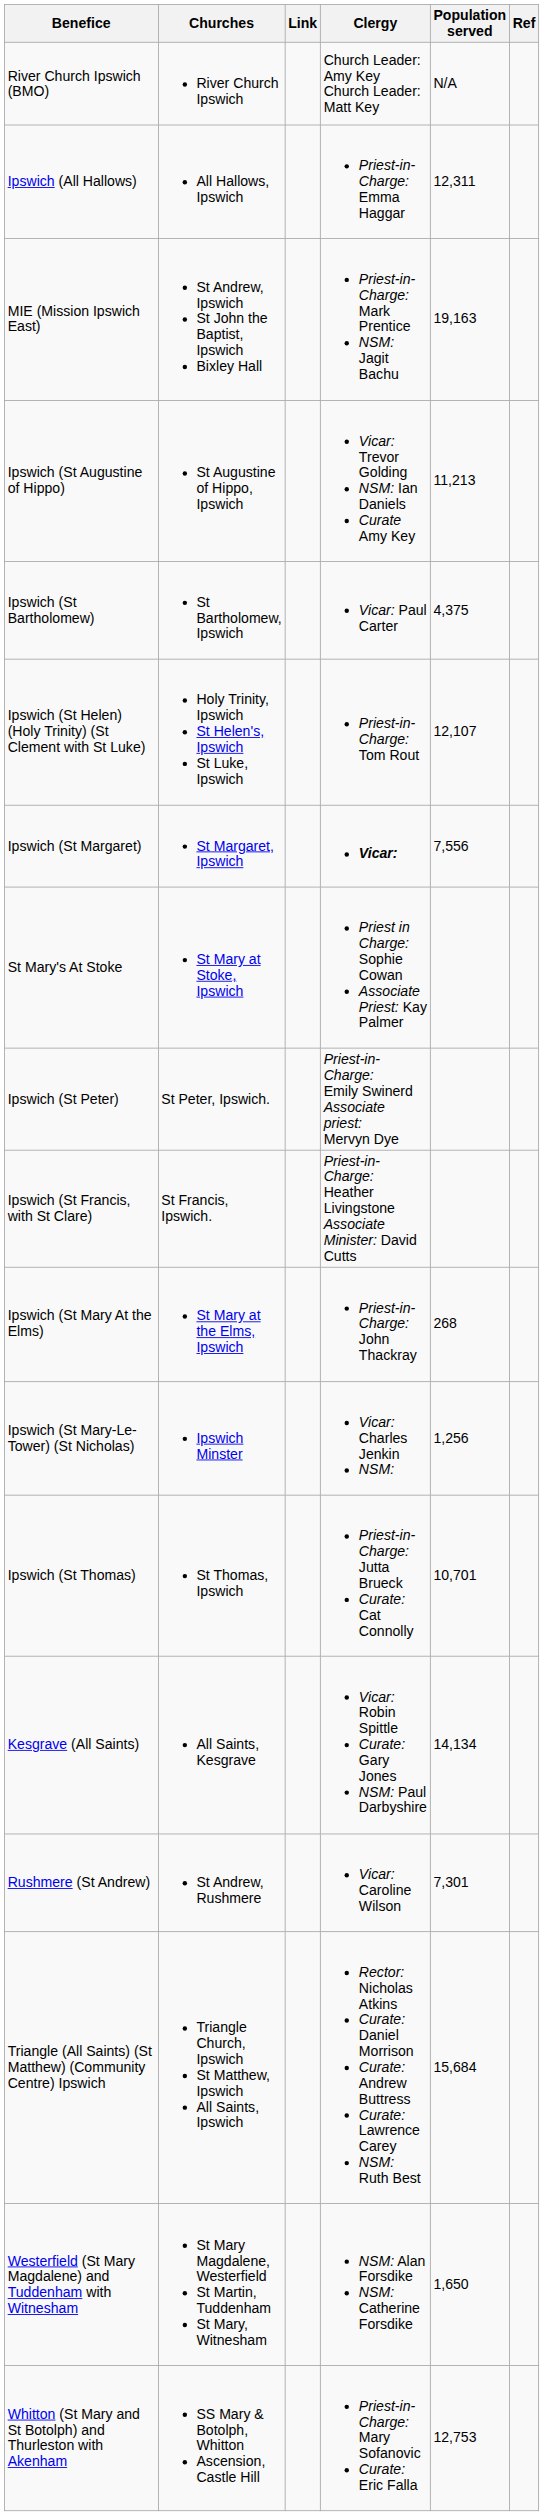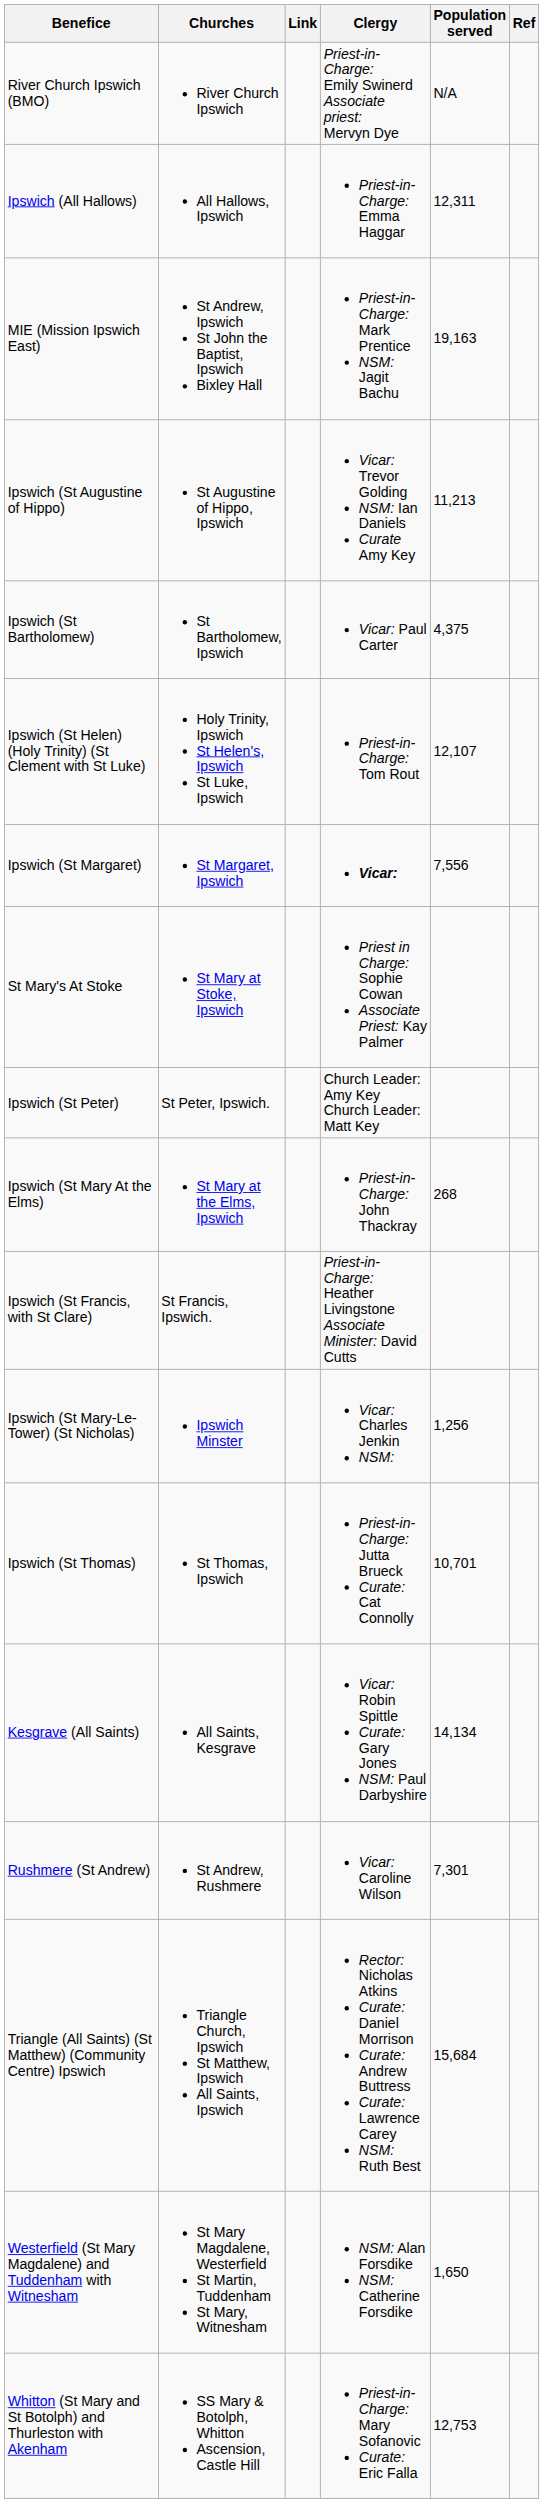 <table class="wikitable">
 <tr>
 <th width="425">Benefice</th>
 <th>Churches</th>
 <th>Link</th>
 <th>Clergy</th>
 <th>Population served</th>
 <th>Ref</th>
 </tr>
 <tr>
 <td>River Church Ipswich (BMO)</td>
 <td><br><ul><li>River Church Ipswich</li></ul></td>
 <td></td>
-<td>Church Leader: Amy Key<br>Church Leader: Matt Key</td>
+<td><em>Priest-in-Charge:</em><br>Emily Swinerd<br><em>Associate priest:</em><br>Mervyn Dye</td>
 <td>N/A</td>
 <td></td>
 </tr>
 <tr>
 <td><a href='#'>Ipswich</a> (All Hallows)</td>
 <td><br><ul><li>All Hallows, Ipswich</li></ul></td>
 <td> </td>
 <td><br><ul><li><em>Priest-in-Charge:</em> Emma Haggar</li></ul></td>
 <td>12,311</td>
 <td></td>
 </tr>
 <tr>
 <td>MIE (Mission Ipswich East)</td>
 <td><br><ul><li>St Andrew, Ipswich</li><li>St John the Baptist, Ipswich</li><li>Bixley Hall</li></ul></td>
 <td></td>
 <td><br><ul><li><em>Priest-in-Charge:</em> Mark Prentice</li><li><em>NSM:</em> Jagit Bachu</li></ul></td>
 <td>19,163</td>
 <td></td>
 </tr>
 <tr>
 <td>Ipswich (St Augustine of Hippo)</td>
 <td><br><ul><li>St Augustine of Hippo, Ipswich</li></ul></td>
 <td></td>
 <td><br><ul><li><em>Vicar:</em> Trevor Golding</li><li><em>NSM:</em> Ian Daniels</li><li><em>Curate</em> Amy Key</li></ul></td>
 <td>11,213</td>
 <td></td>
 </tr>
 <tr>
 <td>Ipswich (St Bartholomew)</td>
 <td><br><ul><li>St Bartholomew, Ipswich</li></ul></td>
 <td></td>
 <td><br><ul><li><em>Vicar:</em> Paul Carter</li></ul></td>
 <td>4,375</td>
 <td></td>
 </tr>
 <tr>
 <td>Ipswich (St Helen) (Holy Trinity) (St Clement with St Luke)</td>
 <td><br><ul><li>Holy Trinity, Ipswich</li><li><a href='#'>St Helen's, Ipswich</a></li><li>St Luke, Ipswich</li></ul></td>
 <td></td>
 <td><br><ul><li><em>Priest-in-Charge:</em> Tom Rout</li></ul></td>
 <td>12,107</td>
 <td></td>
 </tr>
 <tr>
 <td>Ipswich (St Margaret)</td>
 <td><br><ul><li><a href='#'>St Margaret, Ipswich</a></li></ul></td>
 <td></td>
 <td><strong><br><ul><li><em>Vicar:</em></li></ul></strong></td>
 <td>7,556</td>
 <td></td>
 </tr>
 <tr>
 <td>St Mary's At Stoke</td>
 <td><br><ul><li><a href='#'>St Mary at Stoke, Ipswich</a></li></ul></td>
 <td> </td>
 <td><br><ul><li><em>Priest in Charge:</em> Sophie Cowan</li><li><em>Associate Priest:</em> Kay Palmer</li></ul></td>
 <td></td>
 <td></td>
 </tr>
 <tr>
 <td>Ipswich (St Peter)</td>
 <td>St Peter, Ipswich.</td>
 <td></td>
-<td><em>Priest-in-Charge:</em><br>Emily Swinerd<br><em>Associate priest:</em><br>Mervyn Dye</td>
-<td></td>
-<td></td>
-</tr>
-<tr>
-<td>Ipswich (St Francis, with St Clare)</td>
-<td>St Francis, Ipswich.</td>
-<td></td>
-<td><em>Priest-in-Charge:</em><br>Heather Livingstone  <em>Associate Minister:</em> David Cutts</td>
+<td>Church Leader: Amy Key<br>Church Leader: Matt Key</td>
 <td></td>
 <td></td>
 </tr>
 <tr>
 <td>Ipswich (St Mary At the Elms)</td>
 <td><br><ul><li><a href='#'>St Mary at the Elms, Ipswich</a></li></ul></td>
 <td></td>
 <td><br><ul><li><em>Priest-in-Charge:</em> John Thackray</li></ul></td>
 <td>268</td>
+<td></td>
+</tr>
+<tr>
+<td>Ipswich (St Francis, with St Clare)</td>
+<td>St Francis, Ipswich.</td>
+<td></td>
+<td><em>Priest-in-Charge:</em><br>Heather Livingstone  <em>Associate Minister:</em> David Cutts</td>
+<td></td>
 <td></td>
 </tr>
 <tr>
 <td>Ipswich (St Mary-Le-Tower) (St Nicholas)</td>
 <td><br><ul><li><a href='#'>Ipswich Minster</a></li></ul></td>
 <td></td>
 <td><br><ul><li><em>Vicar:</em> Charles Jenkin</li><li><em>NSM:</em></li></ul></td>
 <td>1,256</td>
 <td></td>
 </tr>
 <tr>
 <td>Ipswich (St Thomas)</td>
 <td><br><ul><li>St Thomas, Ipswich</li></ul></td>
 <td></td>
 <td><br><ul><li><em>Priest-in-Charge:</em> Jutta Brueck</li><li><em>Curate:</em> Cat Connolly</li></ul></td>
 <td>10,701</td>
 <td></td>
 </tr>
 <tr>
 <td><a href='#'>Kesgrave</a> (All Saints)</td>
 <td><br><ul><li>All Saints, Kesgrave</li></ul></td>
 <td> </td>
 <td><br><ul><li><em>Vicar:</em> Robin Spittle</li><li><em>Curate:</em> Gary Jones</li><li><em>NSM:</em> Paul Darbyshire</li></ul></td>
 <td>14,134</td>
 <td></td>
 </tr>
 <tr>
 <td><a href='#'>Rushmere</a> (St Andrew)</td>
 <td><br><ul><li>St Andrew, Rushmere</li></ul></td>
 <td></td>
 <td><br><ul><li><em>Vicar:</em> Caroline Wilson</li></ul></td>
 <td>7,301</td>
 <td></td>
 </tr>
 <tr>
 <td>Triangle (All Saints) (St Matthew) (Community Centre) Ipswich</td>
 <td><br><ul><li>Triangle Church, Ipswich</li><li>St Matthew, Ipswich</li><li>All Saints, Ipswich</li></ul></td>
 <td></td>
 <td><br><ul><li><em>Rector:</em> Nicholas Atkins</li><li><em>Curate:</em> Daniel Morrison</li><li><em>Curate:</em> Andrew Buttress</li><li><em>Curate:</em> Lawrence Carey</li><li><em>NSM:</em> Ruth Best</li></ul></td>
 <td>15,684</td>
 <td></td>
 </tr>
 <tr>
 <td><a href='#'>Westerfield</a> (St Mary Magdalene) and <a href='#'>Tuddenham</a> with <a href='#'>Witnesham</a></td>
 <td><br><ul><li>St Mary Magdalene, Westerfield</li><li>St Martin, Tuddenham</li><li>St Mary, Witnesham</li></ul></td>
 <td></td>
 <td><br><ul><li><em>NSM:</em> Alan Forsdike</li><li><em>NSM:</em> Catherine Forsdike</li></ul></td>
 <td>1,650</td>
 <td></td>
 </tr>
 <tr>
 <td><a href='#'>Whitton</a> (St Mary and St Botolph) and Thurleston with <a href='#'>Akenham</a></td>
 <td><br><ul><li>SS Mary & Botolph, Whitton</li><li>Ascension, Castle Hill</li></ul></td>
 <td></td>
 <td><br><ul><li><em>Priest-in-Charge:</em> Mary Sofanovic</li><li><em>Curate:</em> Eric Falla</li></ul></td>
 <td>12,753</td>
 <td></td>
 </tr>
 </table>
